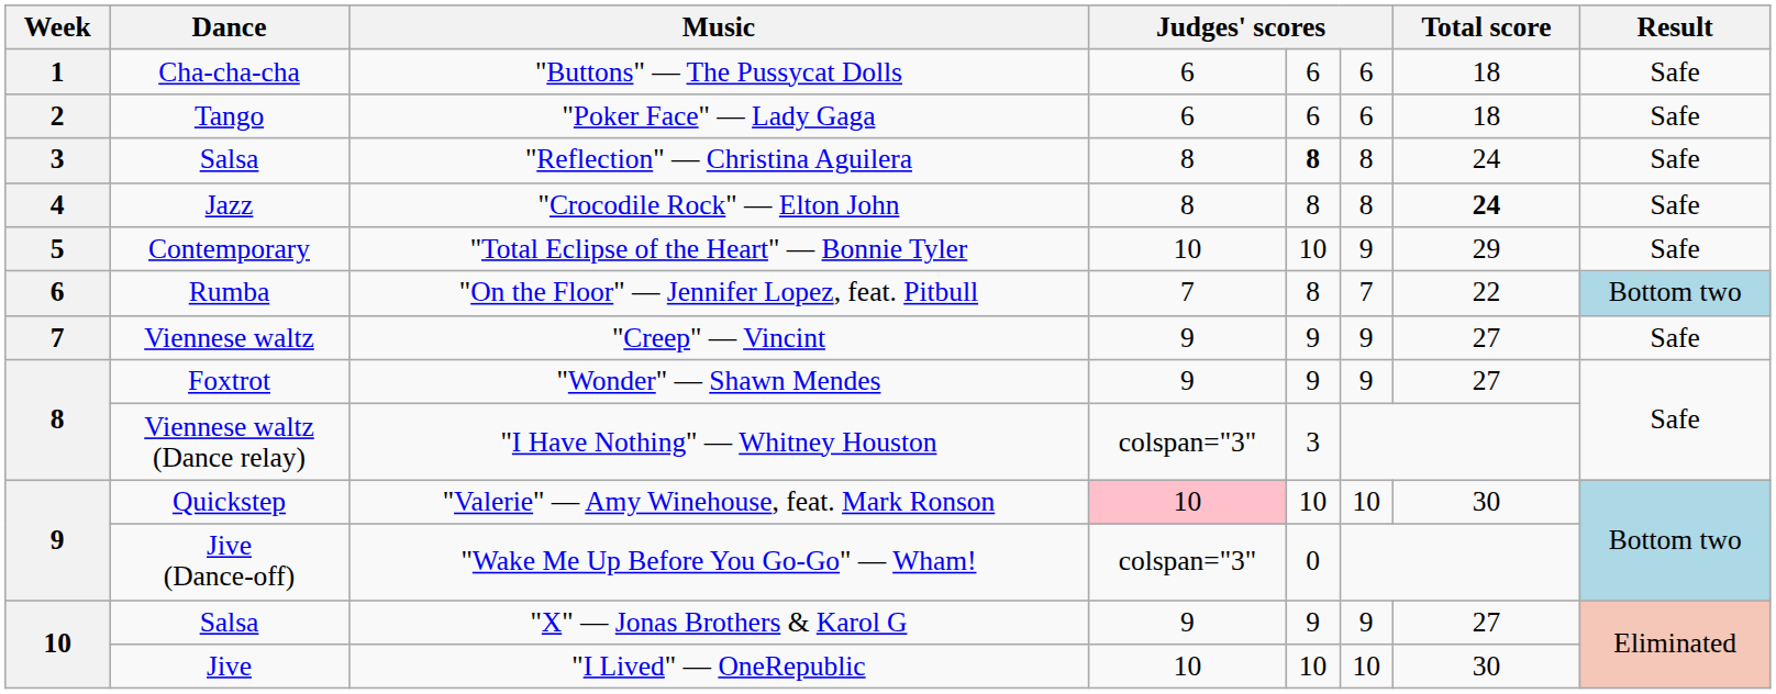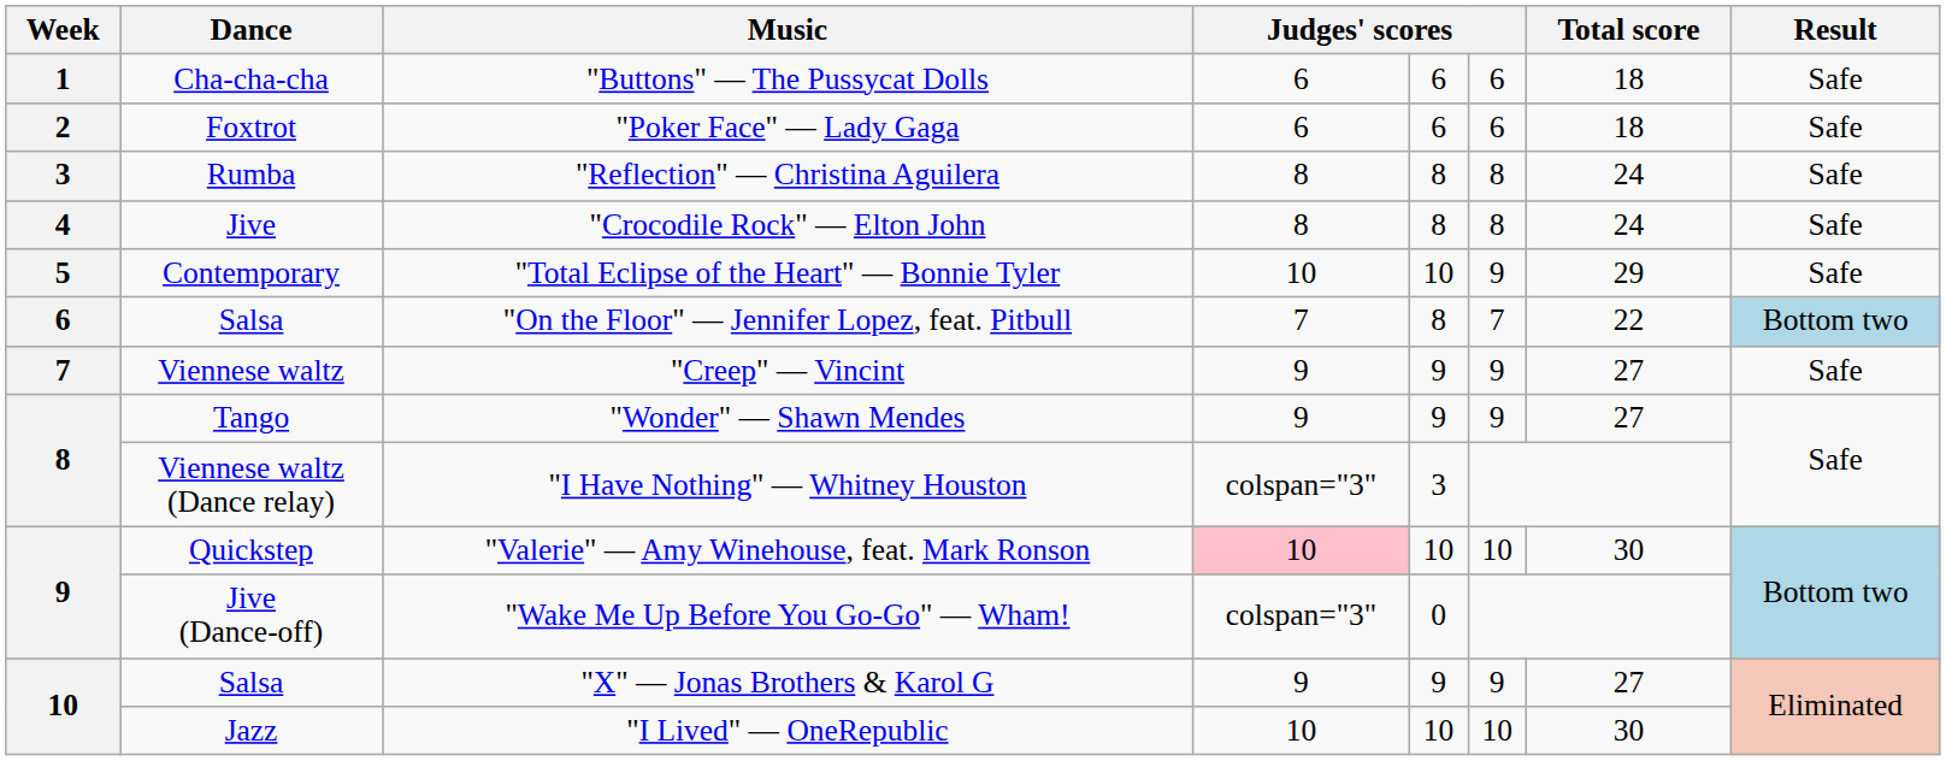 <table class="wikitable unsortable" style="text-align:center; width:80%">
 <tr>
 <th scope="col">Week</th>
 <th scope="col">Dance</th>
 <th scope="col">Music</th>
 <th scope="col" colspan="3">Judges' scores</th>
 <th scope="col">Total score</th>
 <th scope="col">Result</th>
 </tr>
 <tr>
 <th scope="row">1</th>
 <td><a href='#'>Cha-cha-cha</a></td>
 <td>"<a href='#'>Buttons</a>" — <a href='#'>The Pussycat Dolls</a></td>
 <td>6</td>
 <td>6</td>
 <td>6</td>
 <td>18</td>
 <td>Safe</td>
 </tr>
 <tr>
 <th scope="row">2</th>
-<td><a href='#'>Tango</a></td>
+<td><a href='#'>Foxtrot</a></td>
 <td>"<a href='#'>Poker Face</a>" — <a href='#'>Lady Gaga</a></td>
 <td>6</td>
 <td>6</td>
 <td>6</td>
 <td>18</td>
 <td>Safe</td>
 </tr>
 <tr>
 <th scope="row">3</th>
-<td><a href='#'>Salsa</a></td>
+<td><a href='#'>Rumba</a></td>
 <td>"<a href='#'>Reflection</a>" — <a href='#'>Christina Aguilera</a></td>
 <td>8</td>
-<td><strong>8</strong></td>
+<td>8</td>
 <td>8</td>
 <td>24</td>
 <td>Safe</td>
 </tr>
 <tr>
 <th scope="row">4</th>
-<td><a href='#'>Jazz</a></td>
+<td><a href='#'>Jive</a></td>
 <td>"<a href='#'>Crocodile Rock</a>" — <a href='#'>Elton John</a></td>
 <td>8</td>
 <td>8</td>
 <td>8</td>
-<td><strong>24</strong></td>
+<td>24</td>
 <td>Safe</td>
 </tr>
 <tr>
 <th scope="row">5</th>
 <td><a href='#'>Contemporary</a></td>
 <td>"<a href='#'>Total Eclipse of the Heart</a>" — <a href='#'>Bonnie Tyler</a></td>
 <td>10</td>
 <td>10</td>
 <td>9</td>
 <td>29</td>
 <td>Safe</td>
 </tr>
 <tr>
 <th scope="row">6</th>
-<td><a href='#'>Rumba</a></td>
+<td><a href='#'>Salsa</a></td>
 <td>"<a href='#'>On the Floor</a>" — <a href='#'>Jennifer Lopez</a>, feat. <a href='#'>Pitbull</a></td>
 <td>7</td>
 <td>8</td>
 <td>7</td>
 <td>22</td>
 <td bgcolor="lightblue">Bottom two</td>
 </tr>
 <tr>
 <th scope="row">7</th>
 <td><a href='#'>Viennese waltz</a></td>
 <td>"<a href='#'>Creep</a>" — <a href='#'>Vincint</a></td>
 <td>9</td>
 <td>9</td>
 <td>9</td>
 <td>27</td>
 <td>Safe</td>
 </tr>
 <tr>
 <th rowspan="2" scope="row">8</th>
-<td><a href='#'>Foxtrot</a></td>
+<td><a href='#'>Tango</a></td>
 <td>"<a href='#'>Wonder</a>" — <a href='#'>Shawn Mendes</a></td>
 <td>9</td>
 <td>9</td>
 <td>9</td>
 <td>27</td>
 <td rowspan="2">Safe</td>
 </tr>
 <tr>
 <td><a href='#'>Viennese waltz</a><br>(Dance relay)</td>
 <td>"<a href='#'>I Have Nothing</a>" — <a href='#'>Whitney Houston</a></td>
 <td>colspan="3" </td>
 <td>3</td>
 </tr>
 <tr>
 <th rowspan="2" scope="row">9</th>
 <td><a href='#'>Quickstep</a></td>
 <td>"<a href='#'>Valerie</a>" — <a href='#'>Amy Winehouse</a>, feat. <a href='#'>Mark Ronson</a></td>
 <td style="background: pink;">10</td>
 <td>10</td>
 <td>10</td>
 <td>30</td>
 <td rowspan="2" bgcolor="lightblue">Bottom two</td>
 </tr>
 <tr>
 <td><a href='#'>Jive</a><br>(Dance-off)</td>
 <td>"<a href='#'>Wake Me Up Before You Go-Go</a>" — <a href='#'>Wham!</a></td>
 <td>colspan="3" </td>
 <td>0</td>
 </tr>
 <tr>
 <th rowspan="2" scope="row">10</th>
 <td><a href='#'>Salsa</a></td>
 <td>"<a href='#'>X</a>" — <a href='#'>Jonas Brothers</a> & <a href='#'>Karol G</a></td>
 <td>9</td>
 <td>9</td>
 <td>9</td>
 <td>27</td>
 <td rowspan="2" bgcolor="f4c7b8">Eliminated</td>
 </tr>
 <tr>
-<td><a href='#'>Jive</a></td>
+<td><a href='#'>Jazz</a></td>
 <td>"<a href='#'>I Lived</a>" — <a href='#'>OneRepublic</a></td>
 <td>10</td>
 <td>10</td>
 <td>10</td>
 <td>30</td>
 </tr>
 </table>
